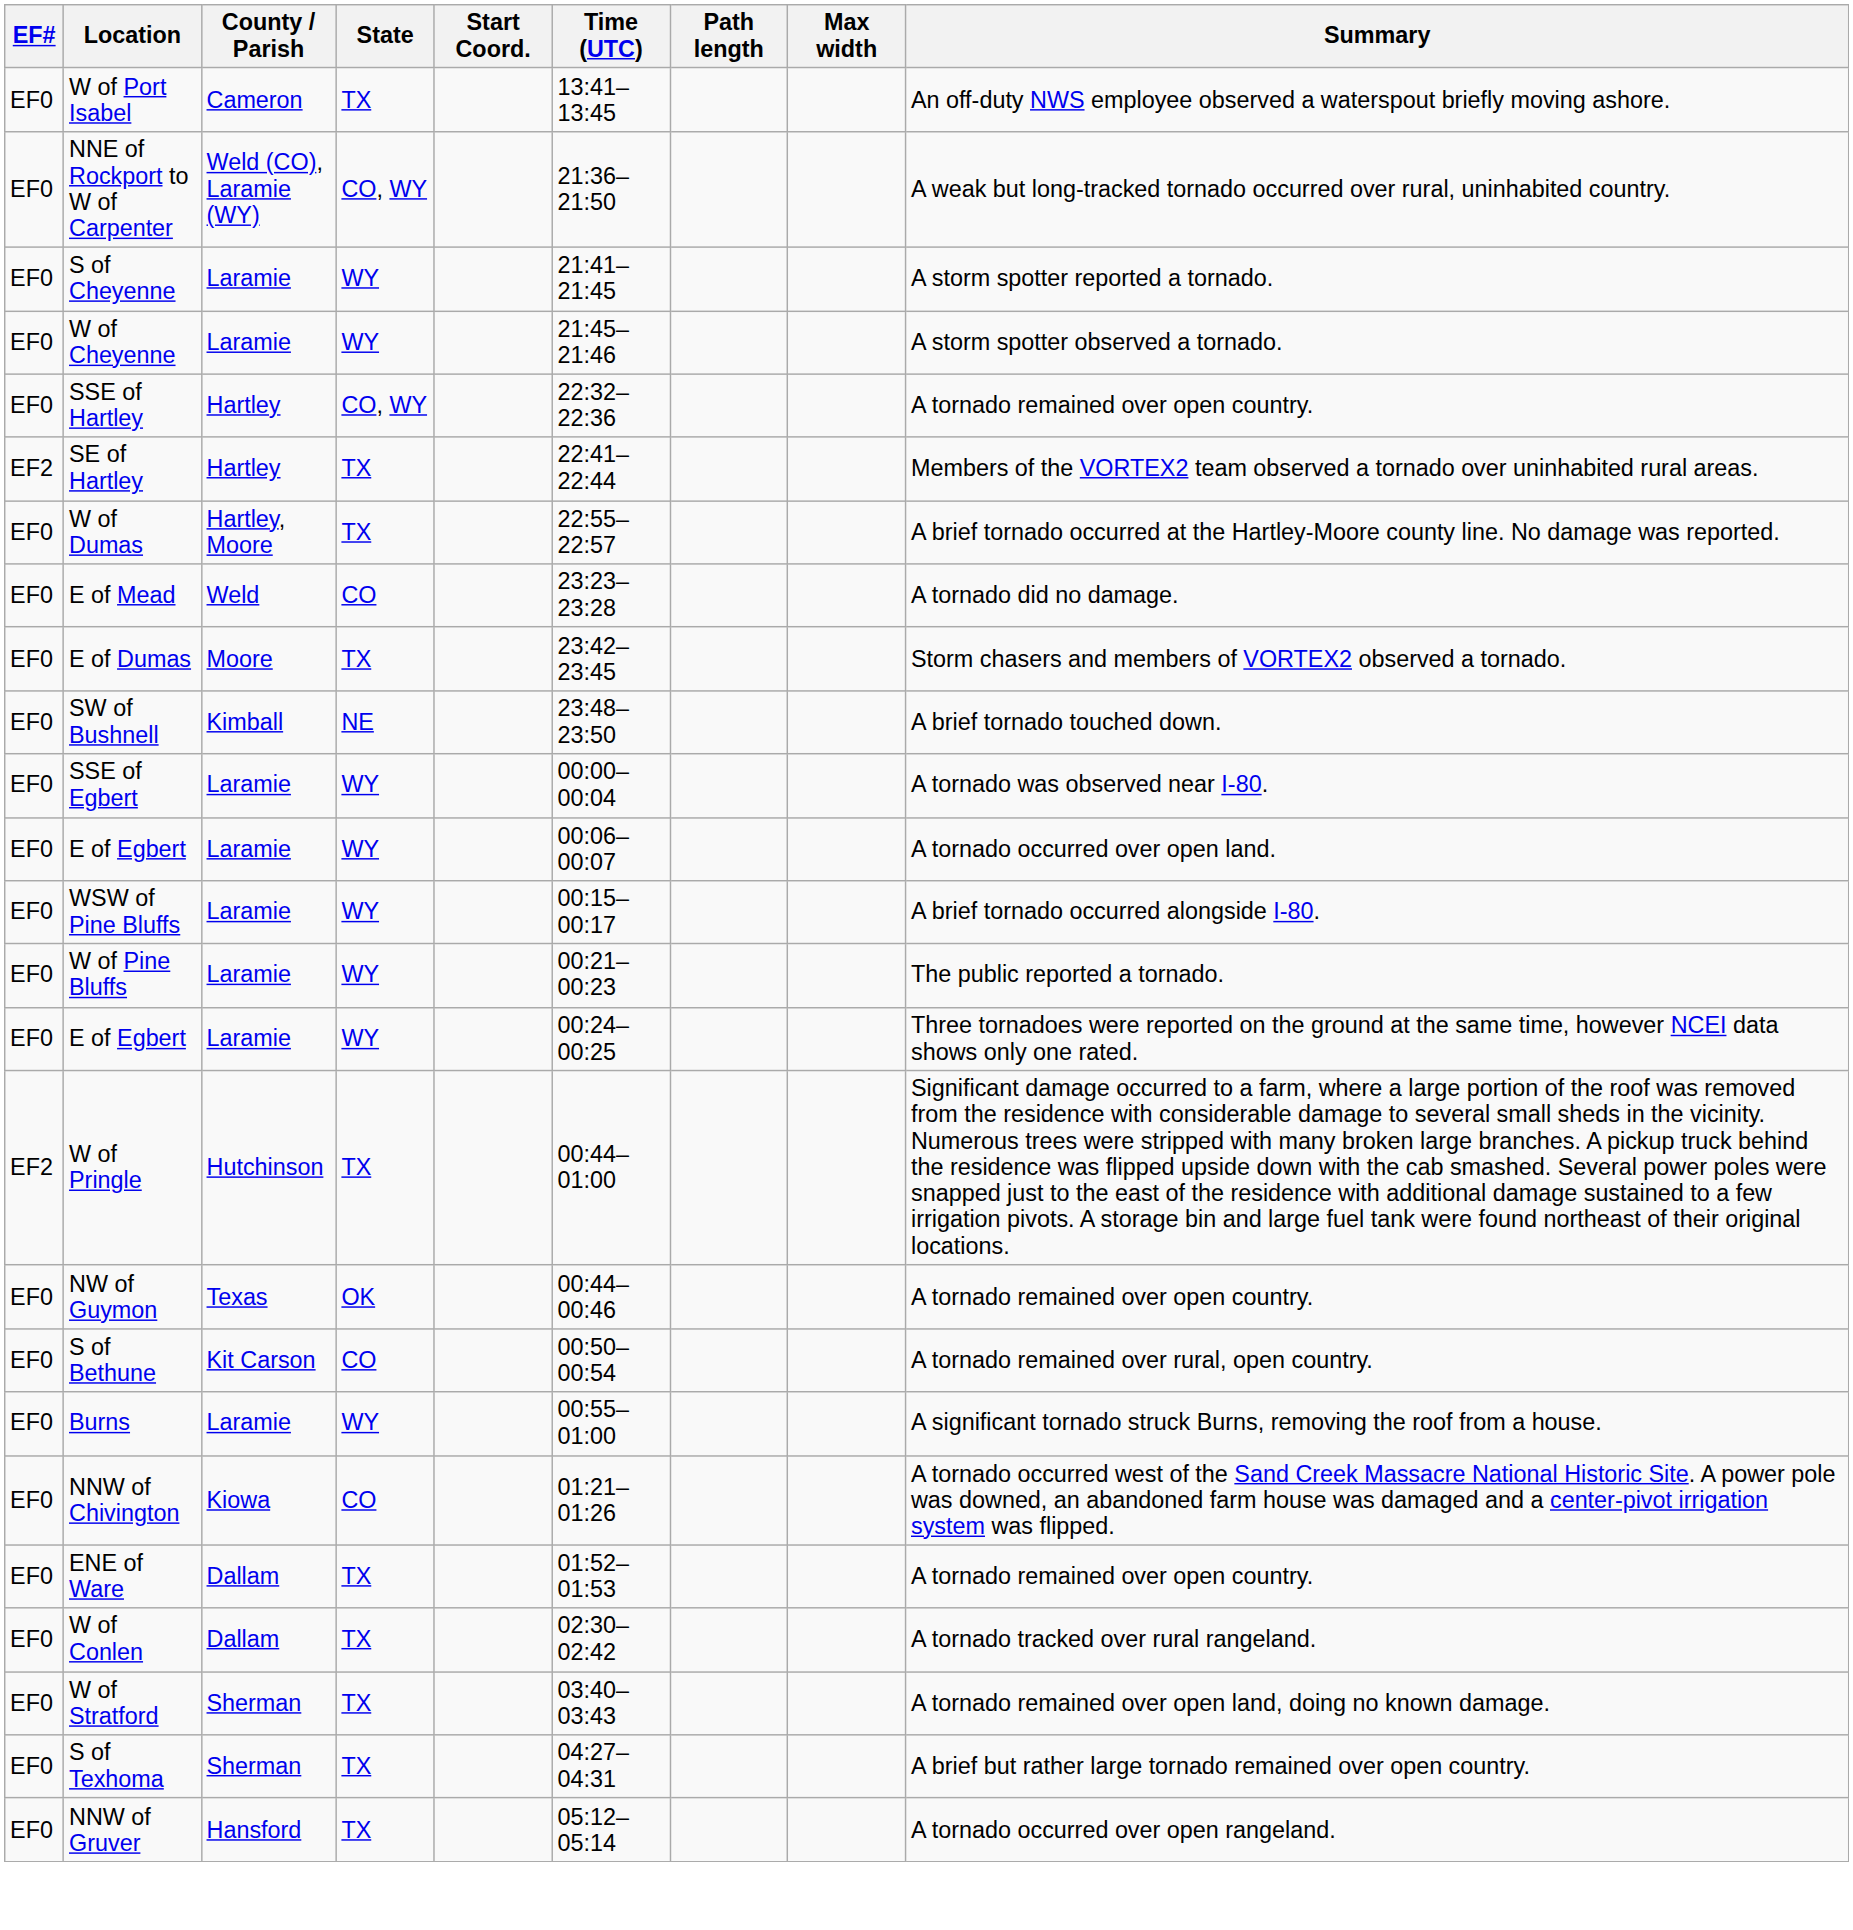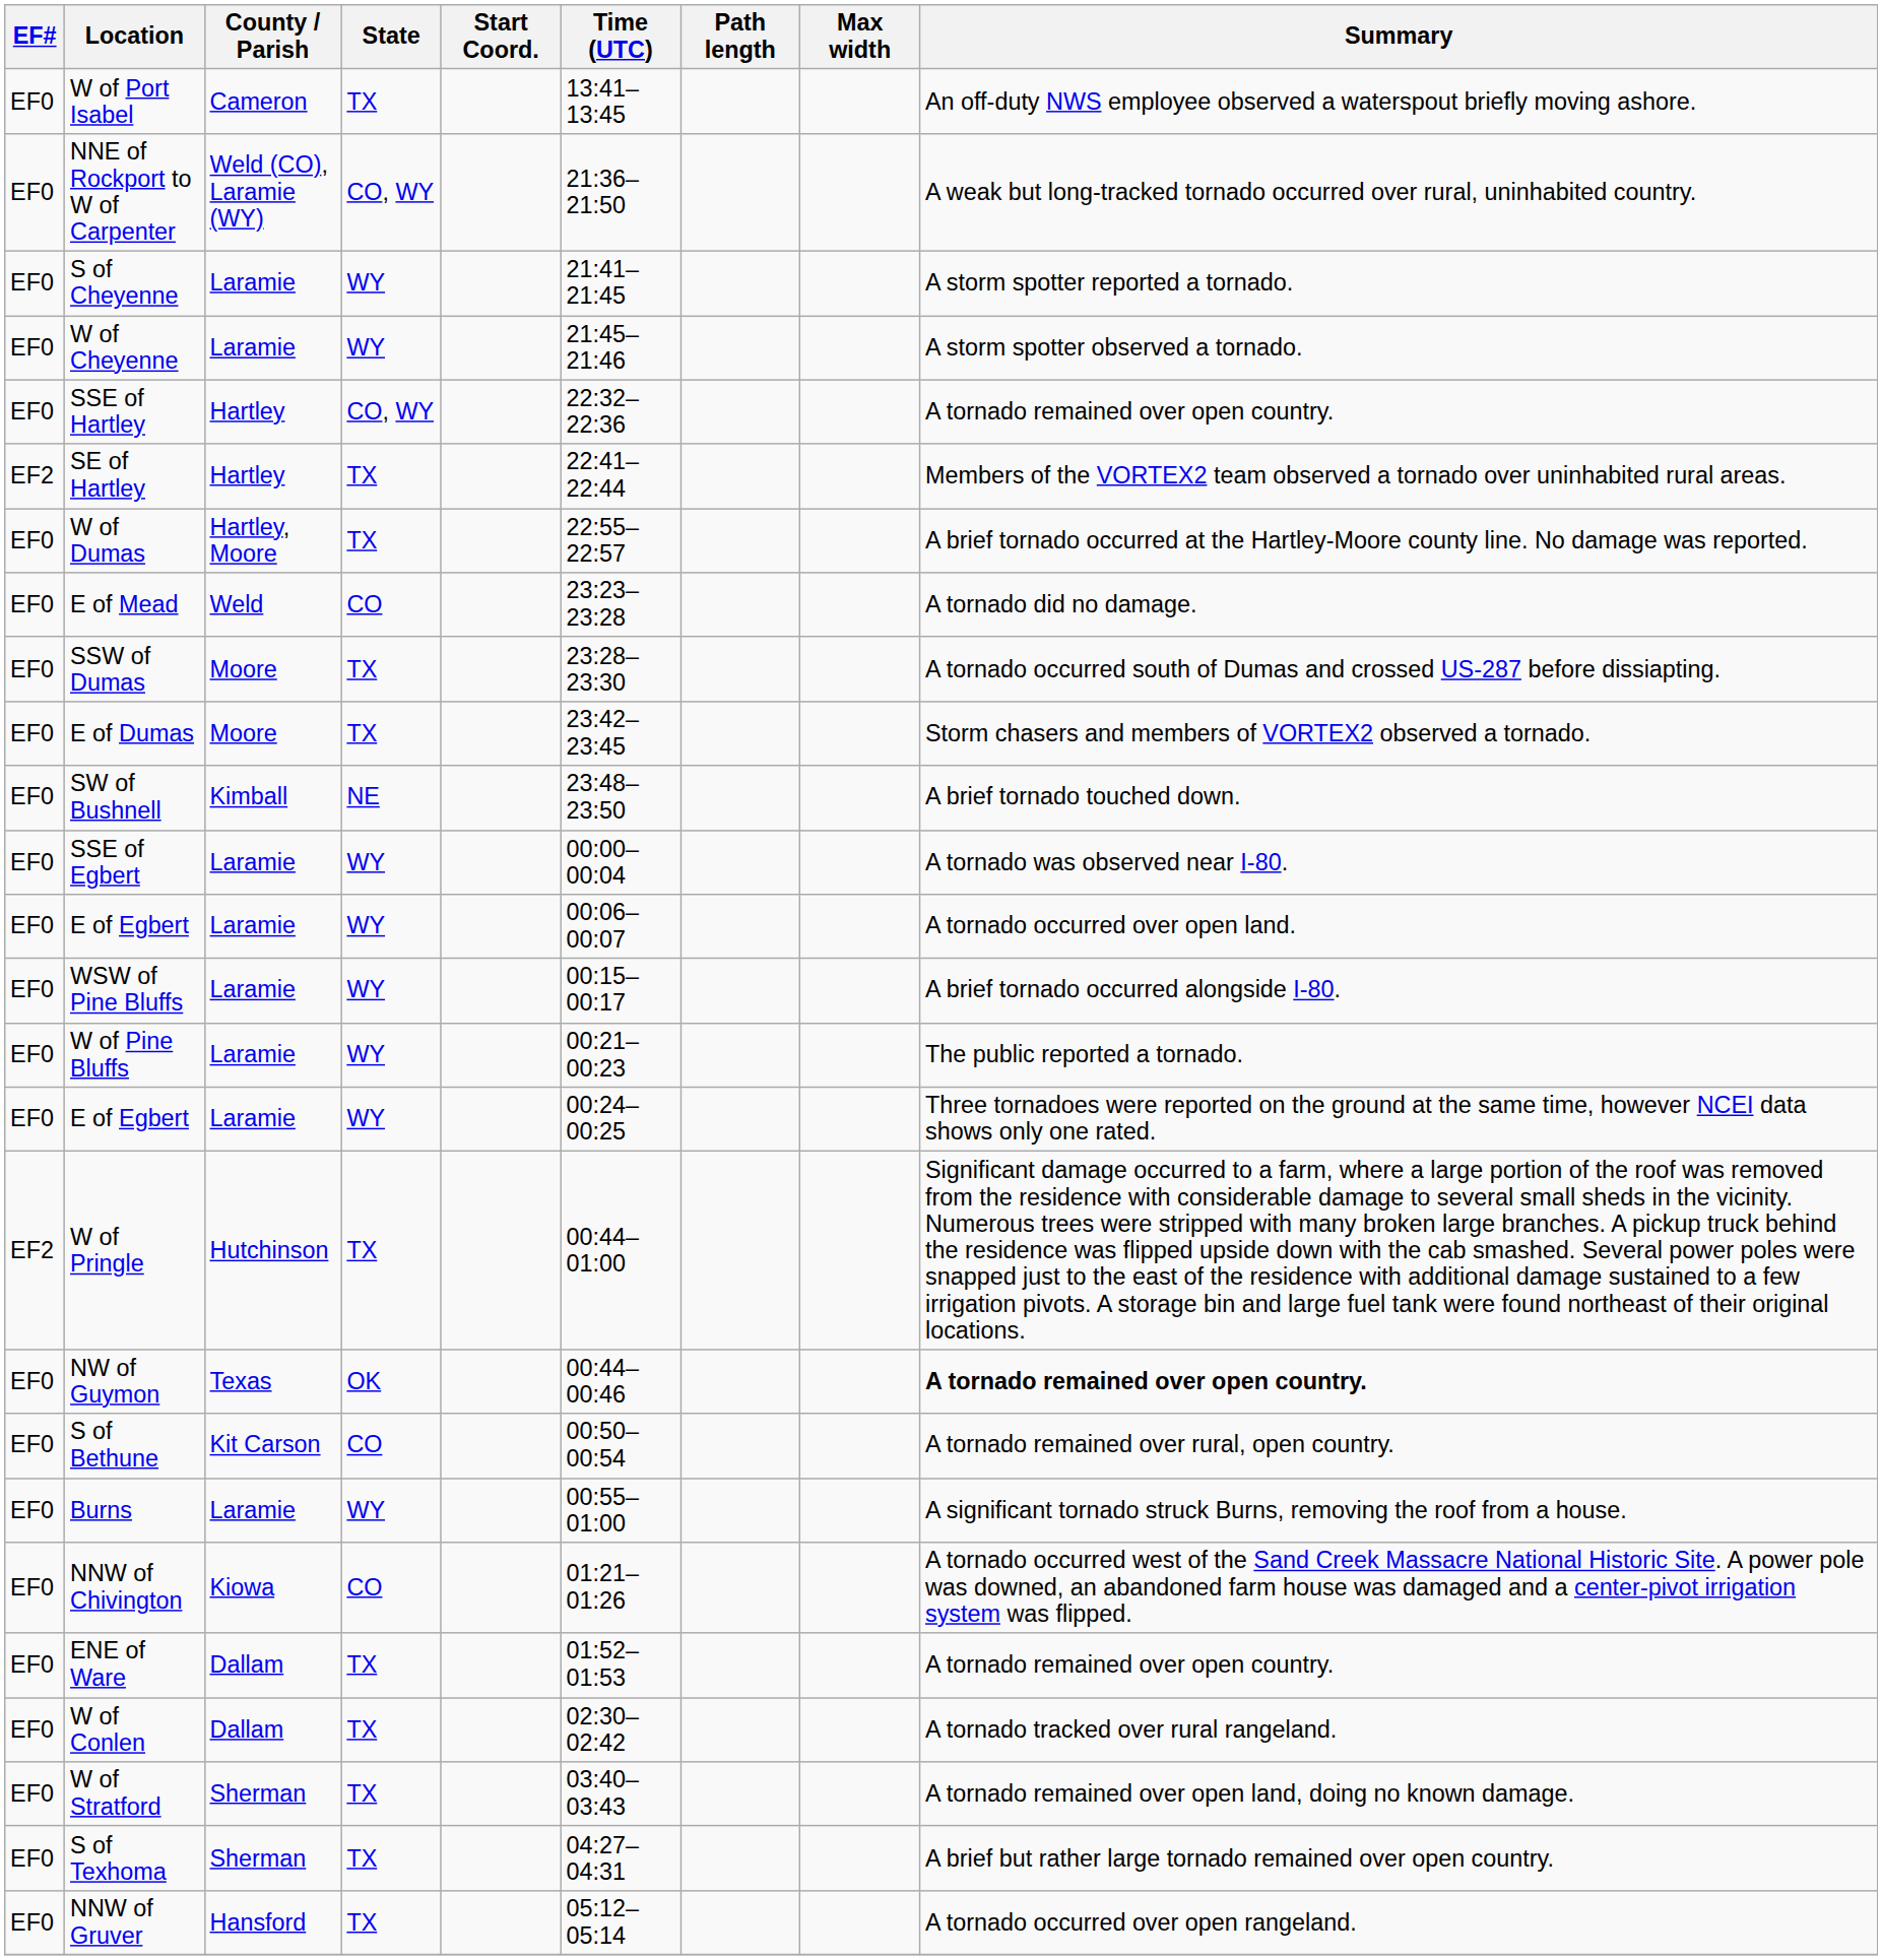 <table class="wikitable sortable" style="width:100%;">
 <tr>
 <th scope="col"  style="width:3%; text-align:center;"><a href='#'>EF#</a></th>
 <th scope="col"  style="width:7%; text-align:center;" class="unsortable">Location</th>
 <th scope="col"  style="width:6%; text-align:center;" class="unsortable">County / Parish</th>
 <th scope="col"  style="width:5%; text-align:center;">State</th>
 <th scope="col"  style="width:6%; text-align:center;">Start Coord.</th>
 <th scope="col"  style="width:6%; text-align:center;">Time (<a href='#'>UTC</a>)</th>
 <th scope="col"  style="width:6%; text-align:center;">Path length</th>
 <th scope="col"  style="width:6%; text-align:center;">Max width</th>
 <th scope="col" class="unsortable" style="width:48%; text-align:center;">Summary</th>
 </tr>
 <tr>
 <td>EF0</td>
 <td>W of <a href='#'>Port Isabel</a></td>
 <td><a href='#'>Cameron</a></td>
 <td><a href='#'>TX</a></td>
 <td></td>
 <td>13:41–13:45</td>
 <td></td>
 <td></td>
 <td>An off-duty <a href='#'>NWS</a> employee observed a waterspout briefly moving ashore.</td>
 </tr>
 <tr>
 <td>EF0</td>
 <td>NNE of <a href='#'>Rockport</a> to W of <a href='#'>Carpenter</a></td>
 <td><a href='#'>Weld (CO)</a>, <a href='#'>Laramie (WY)</a></td>
 <td><a href='#'>CO</a>, <a href='#'>WY</a></td>
 <td></td>
 <td>21:36–21:50</td>
 <td></td>
 <td></td>
 <td>A weak but long-tracked tornado occurred over rural, uninhabited country.</td>
 </tr>
 <tr>
 <td>EF0</td>
 <td>S of <a href='#'>Cheyenne</a></td>
 <td><a href='#'>Laramie</a></td>
 <td><a href='#'>WY</a></td>
 <td></td>
 <td>21:41–21:45</td>
 <td></td>
 <td></td>
 <td>A storm spotter reported a tornado.</td>
 </tr>
 <tr>
 <td>EF0</td>
 <td>W of <a href='#'>Cheyenne</a></td>
 <td><a href='#'>Laramie</a></td>
 <td><a href='#'>WY</a></td>
 <td></td>
 <td>21:45–21:46</td>
 <td></td>
 <td></td>
 <td>A storm spotter observed a tornado.</td>
 </tr>
 <tr>
 <td>EF0</td>
 <td>SSE of <a href='#'>Hartley</a></td>
 <td><a href='#'>Hartley</a></td>
 <td><a href='#'>CO</a>, <a href='#'>WY</a></td>
 <td></td>
 <td>22:32–22:36</td>
 <td></td>
 <td></td>
 <td>A tornado remained over open country.</td>
 </tr>
 <tr>
 <td>EF2</td>
 <td>SE of <a href='#'>Hartley</a></td>
 <td><a href='#'>Hartley</a></td>
 <td><a href='#'>TX</a></td>
 <td></td>
 <td>22:41–22:44</td>
 <td></td>
 <td></td>
 <td>Members of the <a href='#'>VORTEX2</a> team observed a tornado over uninhabited rural areas.</td>
 </tr>
 <tr>
 <td>EF0</td>
 <td>W of <a href='#'>Dumas</a></td>
 <td><a href='#'>Hartley</a>, <a href='#'>Moore</a></td>
 <td><a href='#'>TX</a></td>
 <td></td>
 <td>22:55–22:57</td>
 <td></td>
 <td></td>
 <td>A brief tornado occurred at the Hartley-Moore county line. No damage was reported.</td>
 </tr>
 <tr>
 <td>EF0</td>
 <td>E of <a href='#'>Mead</a></td>
 <td><a href='#'>Weld</a></td>
 <td><a href='#'>CO</a></td>
 <td></td>
 <td>23:23–23:28</td>
 <td></td>
 <td></td>
 <td>A tornado did no damage.</td>
 </tr>
 <tr>
 <td>EF0</td>
+<td>SSW of <a href='#'>Dumas</a></td>
+<td><a href='#'>Moore</a></td>
+<td><a href='#'>TX</a></td>
+<td></td>
+<td>23:28–23:30</td>
+<td></td>
+<td></td>
+<td>A tornado occurred south of Dumas and crossed <a href='#'>US-287</a> before dissiapting.</td>
+</tr>
+<tr>
+<td>EF0</td>
 <td>E of <a href='#'>Dumas</a></td>
 <td><a href='#'>Moore</a></td>
 <td><a href='#'>TX</a></td>
 <td></td>
 <td>23:42–23:45</td>
 <td></td>
 <td></td>
 <td>Storm chasers and members of <a href='#'>VORTEX2</a> observed a tornado.</td>
 </tr>
 <tr>
 <td>EF0</td>
 <td>SW of <a href='#'>Bushnell</a></td>
 <td><a href='#'>Kimball</a></td>
 <td><a href='#'>NE</a></td>
 <td></td>
 <td>23:48–23:50</td>
 <td></td>
 <td></td>
 <td>A brief tornado touched down.</td>
 </tr>
 <tr>
 <td>EF0</td>
 <td>SSE of <a href='#'>Egbert</a></td>
 <td><a href='#'>Laramie</a></td>
 <td><a href='#'>WY</a></td>
 <td></td>
 <td>00:00–00:04</td>
 <td></td>
 <td></td>
 <td>A tornado was observed near <a href='#'>I-80</a>.</td>
 </tr>
 <tr>
 <td>EF0</td>
 <td>E of <a href='#'>Egbert</a></td>
 <td><a href='#'>Laramie</a></td>
 <td><a href='#'>WY</a></td>
 <td></td>
 <td>00:06–00:07</td>
 <td></td>
 <td></td>
 <td>A tornado occurred over open land.</td>
 </tr>
 <tr>
 <td>EF0</td>
 <td>WSW of <a href='#'>Pine Bluffs</a></td>
 <td><a href='#'>Laramie</a></td>
 <td><a href='#'>WY</a></td>
 <td></td>
 <td>00:15–00:17</td>
 <td></td>
 <td></td>
 <td>A brief tornado occurred alongside <a href='#'>I-80</a>.</td>
 </tr>
 <tr>
 <td>EF0</td>
 <td>W of <a href='#'>Pine Bluffs</a></td>
 <td><a href='#'>Laramie</a></td>
 <td><a href='#'>WY</a></td>
 <td></td>
 <td>00:21–00:23</td>
 <td></td>
 <td></td>
 <td>The public reported a tornado.</td>
 </tr>
 <tr>
 <td>EF0</td>
 <td>E of <a href='#'>Egbert</a></td>
 <td><a href='#'>Laramie</a></td>
 <td><a href='#'>WY</a></td>
 <td></td>
 <td>00:24–00:25</td>
 <td></td>
 <td></td>
 <td>Three tornadoes were reported on the ground at the same time, however <a href='#'>NCEI</a> data shows only one rated.</td>
 </tr>
 <tr>
 <td>EF2</td>
 <td>W of <a href='#'>Pringle</a></td>
 <td><a href='#'>Hutchinson</a></td>
 <td><a href='#'>TX</a></td>
 <td></td>
 <td>00:44–01:00</td>
 <td></td>
 <td></td>
 <td>Significant damage occurred to a farm, where a large portion of the roof was removed from the residence with considerable damage to several small sheds in the vicinity. Numerous trees were stripped with many broken large branches. A pickup truck behind the residence was flipped upside down with the cab smashed. Several power poles were snapped just to the east of the residence with additional damage sustained to a few irrigation pivots. A storage bin and large fuel tank were found  northeast of their original locations.</td>
 </tr>
 <tr>
 <td>EF0</td>
 <td>NW of <a href='#'>Guymon</a></td>
 <td><a href='#'>Texas</a></td>
 <td><a href='#'>OK</a></td>
 <td></td>
 <td>00:44–00:46</td>
 <td></td>
 <td></td>
-<td>A tornado remained over open country.</td>
+<td><strong>A tornado remained over open country.</strong></td>
 </tr>
 <tr>
 <td>EF0</td>
 <td>S of <a href='#'>Bethune</a></td>
 <td><a href='#'>Kit Carson</a></td>
 <td><a href='#'>CO</a></td>
 <td></td>
 <td>00:50–00:54</td>
 <td></td>
 <td></td>
 <td>A tornado remained over rural, open country.</td>
 </tr>
 <tr>
 <td>EF0</td>
 <td><a href='#'>Burns</a></td>
 <td><a href='#'>Laramie</a></td>
 <td><a href='#'>WY</a></td>
 <td></td>
 <td>00:55–01:00</td>
 <td></td>
 <td></td>
 <td>A significant tornado struck Burns, removing the roof from a house.</td>
 </tr>
 <tr>
 <td>EF0</td>
 <td>NNW of <a href='#'>Chivington</a></td>
 <td><a href='#'>Kiowa</a></td>
 <td><a href='#'>CO</a></td>
 <td></td>
 <td>01:21–01:26</td>
 <td></td>
 <td></td>
 <td>A tornado occurred west of the <a href='#'>Sand Creek Massacre National Historic Site</a>. A power pole was downed, an abandoned farm house was damaged and a <a href='#'>center-pivot irrigation system</a> was flipped.</td>
 </tr>
 <tr>
 <td>EF0</td>
 <td>ENE of <a href='#'>Ware</a></td>
 <td><a href='#'>Dallam</a></td>
 <td><a href='#'>TX</a></td>
 <td></td>
 <td>01:52–01:53</td>
 <td></td>
 <td></td>
 <td>A tornado remained over open country.</td>
 </tr>
 <tr>
 <td>EF0</td>
 <td>W of <a href='#'>Conlen</a></td>
 <td><a href='#'>Dallam</a></td>
 <td><a href='#'>TX</a></td>
 <td></td>
 <td>02:30–02:42</td>
 <td></td>
 <td></td>
 <td>A tornado tracked over rural rangeland.</td>
 </tr>
 <tr>
 <td>EF0</td>
 <td>W of <a href='#'>Stratford</a></td>
 <td><a href='#'>Sherman</a></td>
 <td><a href='#'>TX</a></td>
 <td></td>
 <td>03:40–03:43</td>
 <td></td>
 <td></td>
 <td>A tornado remained over open land, doing no known damage.</td>
 </tr>
 <tr>
 <td>EF0</td>
 <td>S of <a href='#'>Texhoma</a></td>
 <td><a href='#'>Sherman</a></td>
 <td><a href='#'>TX</a></td>
 <td></td>
 <td>04:27–04:31</td>
 <td></td>
 <td></td>
 <td>A brief but rather large tornado remained over open country.</td>
 </tr>
 <tr>
 <td>EF0</td>
 <td>NNW of <a href='#'>Gruver</a></td>
 <td><a href='#'>Hansford</a></td>
 <td><a href='#'>TX</a></td>
 <td></td>
 <td>05:12–05:14</td>
 <td></td>
 <td></td>
 <td>A tornado occurred over open rangeland.</td>
 </tr>
 <tr>
 </tr>
 </table>
